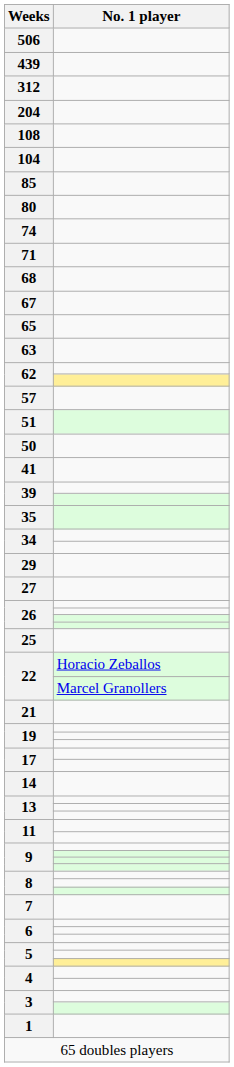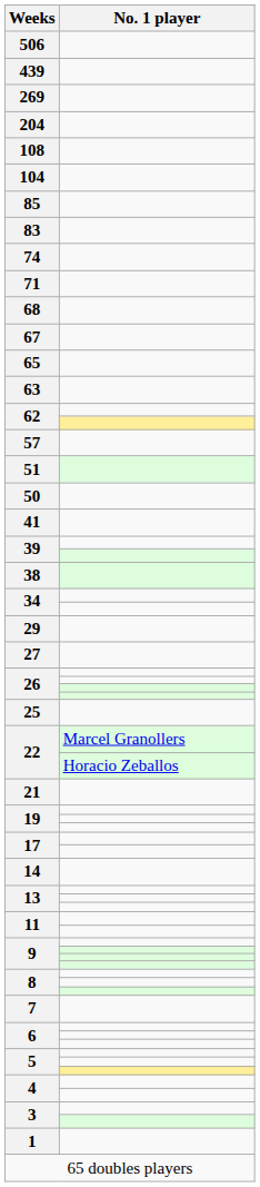 <table class="wikitable sortable nowrap" style="display: inline-table;">
 <tr>
 <th scope="col">Weeks</th>
 <th scope="col" style="width:180px;">No. 1 player</th>
 </tr>
 <tr>
 <th>506</th>
 <td> </td>
 </tr>
 <tr>
 <th>439</th>
 <td> </td>
 </tr>
 <tr>
-<th>312</th>
+<th>269</th>
 <td> </td>
 </tr>
 <tr>
 <th>204</th>
 <td> </td>
 </tr>
 <tr>
 <th>108</th>
 <td> </td>
 </tr>
 <tr>
 <th>104</th>
 <td> </td>
 </tr>
 <tr>
 <th>85</th>
 <td> </td>
 </tr>
 <tr>
-<th>80</th>
+<th>83</th>
 <td> </td>
 </tr>
 <tr>
 <th>74</th>
 <td> </td>
 </tr>
 <tr>
 <th>71</th>
 <td> </td>
 </tr>
 <tr>
 <th>68</th>
 <td> </td>
 </tr>
 <tr>
 <th>67</th>
 <td> </td>
 </tr>
 <tr>
 <th>65</th>
 <td> </td>
 </tr>
 <tr>
 <th>63</th>
 <td> </td>
 </tr>
 <tr>
 <th rowspan="2">62</th>
 <td> </td>
 </tr>
 <tr>
 <td style="background: #ffef98;"> </td>
 </tr>
 <tr>
 <th>57</th>
 <td> </td>
 </tr>
 <tr>
 <th>51</th>
 <td style="background: #ddfddd;"> </td>
 </tr>
 <tr>
 <th>50</th>
 <td> </td>
 </tr>
 <tr>
 <th>41</th>
 <td> </td>
 </tr>
 <tr>
 <th rowspan="2">39</th>
 <td> </td>
 </tr>
 <tr>
 <td style="background: #ddfddd;"> </td>
 </tr>
 <tr>
-<th>35</th>
+<th>38</th>
 <td style="background: #ddfddd;"> </td>
 </tr>
 <tr>
 <th rowspan="2">34</th>
 <td> </td>
 </tr>
 <tr>
 <td> </td>
 </tr>
 <tr>
 <th>29</th>
 <td> </td>
 </tr>
 <tr>
 <th>27</th>
 <td> </td>
 </tr>
 <tr>
 <th rowspan="4">26</th>
 <td> </td>
 </tr>
 <tr>
 <td> </td>
 </tr>
 <tr>
 <td style="background: #ddfddd;"> </td>
 </tr>
 <tr>
 <td style="background: #ddfddd;"> </td>
 </tr>
 <tr>
 <th>25</th>
 <td> </td>
 </tr>
 <tr>
 <th rowspan="2">22</th>
-<td style="background: #ddfddd;"> <a href='#'>Horacio Zeballos</a></td>
+<td style="background: #ddfddd;"> <a href='#'>Marcel Granollers</a></td>
 </tr>
 <tr>
-<td style="background: #ddfddd;"> <a href='#'>Marcel Granollers</a></td>
+<td style="background: #ddfddd;"> <a href='#'>Horacio Zeballos</a></td>
 </tr>
 <tr>
 <th>21</th>
 <td> </td>
 </tr>
 <tr>
 <th rowspan="3">19</th>
 <td> </td>
 </tr>
 <tr>
 <td> </td>
 </tr>
 <tr>
 <td> </td>
 </tr>
 <tr>
 <th rowspan="2">17</th>
 <td> </td>
 </tr>
 <tr>
 <td> </td>
 </tr>
 <tr>
 <th>14</th>
 <td> </td>
 </tr>
 <tr>
 <th rowspan="3">13</th>
 <td> </td>
 </tr>
 <tr>
 <td> </td>
 </tr>
 <tr>
 <td> </td>
 </tr>
 <tr>
 <th rowspan="2">11</th>
 <td> </td>
 </tr>
 <tr>
 <td> </td>
 </tr>
 <tr>
 <th rowspan="4">9</th>
 <td> </td>
 </tr>
 <tr>
 <td style="background: #ddfddd;"> </td>
 </tr>
 <tr>
 <td style="background: #ddfddd;"> </td>
 </tr>
 <tr>
 <td style="background: #ddfddd;"> </td>
 </tr>
 <tr>
 <th rowspan="3">8</th>
 <td> </td>
 </tr>
 <tr>
 <td> </td>
 </tr>
 <tr>
 <td style="background: #ddfddd;"> </td>
 </tr>
 <tr>
 <th>7</th>
 <td> </td>
 </tr>
 <tr>
 <th rowspan="3">6</th>
 <td> </td>
 </tr>
 <tr>
 <td> </td>
 </tr>
 <tr>
 <td> </td>
 </tr>
 <tr>
 <th rowspan="3">5</th>
 <td> </td>
 </tr>
 <tr>
 <td> </td>
 </tr>
 <tr>
 <td style="background: #ffef98;"> </td>
 </tr>
 <tr>
 <th rowspan="2">4</th>
 <td> </td>
 </tr>
 <tr>
 <td> </td>
 </tr>
 <tr>
 <th rowspan="2">3</th>
 <td> </td>
 </tr>
 <tr>
 <td style="background: #ddfddd;"> </td>
 </tr>
 <tr>
 <th>1</th>
 <td> </td>
 </tr>
 <tr>
 <td colspan="2" style="text-align:center;">65 doubles players</td>
 </tr>
 </table>
